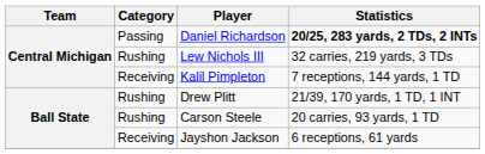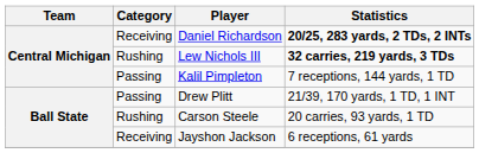 <table class="wikitable" style="float: left;">
 <tr>
 <th>Team</th>
 <th>Category</th>
 <th>Player</th>
 <th>Statistics</th>
 </tr>
 <tr>
 <th rowspan=3>Central Michigan</th>
-<td>Passing</td>
+<td>Receiving</td>
 <td><a href='#'>Daniel Richardson</a></td>
 <td><strong>20/25, 283 yards, 2 TDs, 2 INTs</strong></td>
 </tr>
 <tr>
 <td>Rushing</td>
 <td><a href='#'>Lew Nichols III</a></td>
-<td>32 carries, 219 yards, 3 TDs</td>
+<td><strong>32 carries, 219 yards, 3 TDs</strong></td>
 </tr>
 <tr>
-<td>Receiving</td>
+<td>Passing</td>
 <td><a href='#'>Kalil Pimpleton</a></td>
 <td>7 receptions, 144 yards, 1 TD</td>
 </tr>
 <tr>
 <th rowspan=3 style=>Ball State</th>
-<td>Rushing</td>
+<td>Passing</td>
 <td>Drew Plitt</td>
 <td>21/39, 170 yards, 1 TD, 1 INT</td>
 </tr>
 <tr>
 <td>Rushing</td>
 <td>Carson Steele</td>
 <td>20 carries, 93 yards, 1 TD</td>
 </tr>
 <tr>
 <td>Receiving</td>
 <td>Jayshon Jackson</td>
 <td>6 receptions, 61 yards</td>
 </tr>
 <tr>
 </tr>
 </table>
